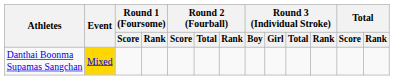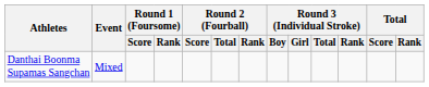 <table class="wikitable" style="font-size:90%">
 <tr>
 <th rowspan="2">Athletes</th>
 <th rowspan="2">Event</th>
 <th colspan="2">Round 1<br>(Foursome)</th>
 <th colspan="3">Round 2<br>(Fourball)</th>
 <th colspan="4">Round 3<br>(Individual Stroke)</th>
 <th colspan="2">Total</th>
 </tr>
 <tr style="font-size:95%">
 <th>Score</th>
 <th>Rank</th>
 <th>Score</th>
 <th>Total</th>
 <th>Rank</th>
 <th>Boy</th>
 <th>Girl</th>
 <th>Total</th>
 <th>Rank</th>
 <th>Score</th>
 <th>Rank</th>
 </tr>
 <tr align=center>
 <td align=left><a href='#'>Danthai Boonma</a><br><a href='#'>Supamas Sangchan</a></td>
-<td align=left style="background: gold;"><a href='#'>Mixed</a></td>
+<td align=left><a href='#'>Mixed</a></td>
 <td></td>
 <td></td>
 <td></td>
 <td></td>
 <td></td>
 <td></td>
 <td></td>
 <td></td>
 <td></td>
 <td></td>
 <td></td>
 </tr>
 </table>
